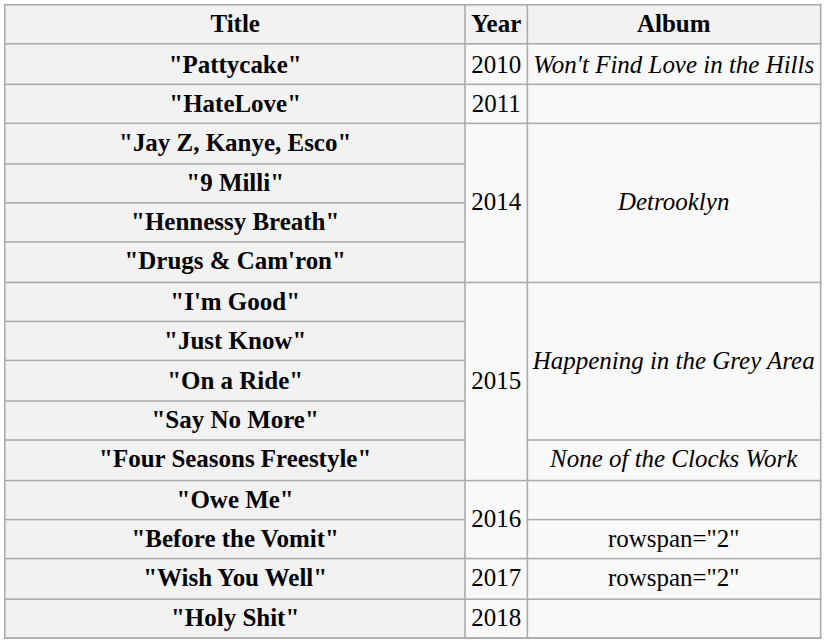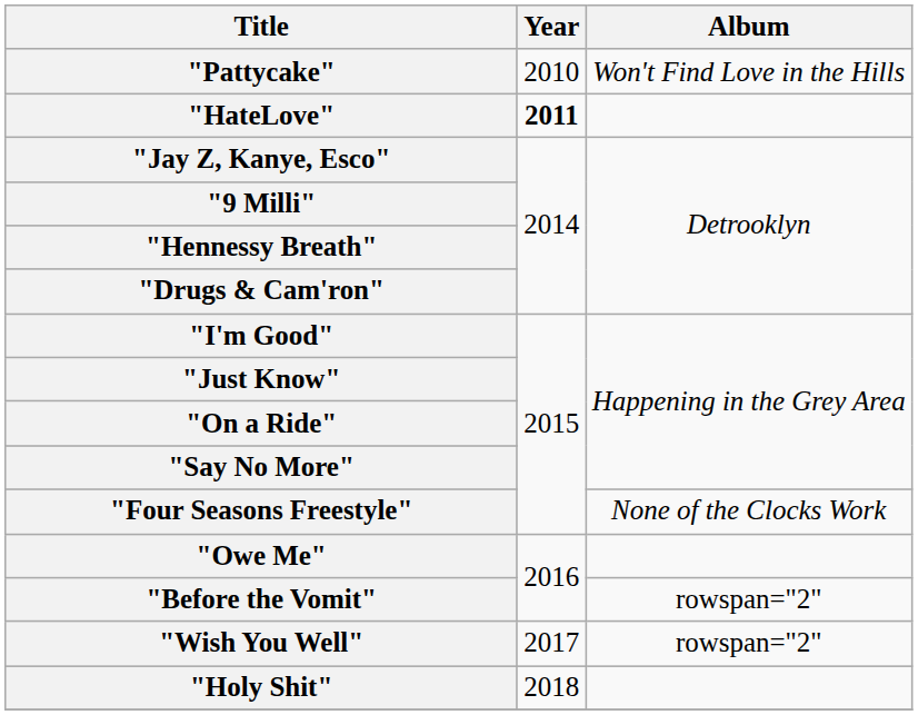 <table class="wikitable plainrowheaders" style="text-align:center;">
 <tr>
 <th scope="col" style="width:18em;">Title</th>
 <th scope="col">Year</th>
 <th scope="col">Album</th>
 </tr>
 <tr>
 <th scope="row">"Pattycake"</th>
 <td>2010</td>
 <td><em>Won't Find Love in the Hills</em></td>
 </tr>
 <tr>
 <th scope="row">"HateLove"</th>
-<td>2011</td>
+<td><strong>2011</strong></td>
 </tr>
 <tr>
 <th scope="row">"Jay Z, Kanye, Esco"</th>
 <td rowspan="4">2014</td>
 <td rowspan="4"><em>Detrooklyn</em></td>
 </tr>
 <tr>
 <th scope="row">"9 Milli"</th>
 </tr>
 <tr>
 <th scope="row">"Hennessy Breath"</th>
 </tr>
 <tr>
 <th scope="row">"Drugs & Cam'ron"</th>
 </tr>
 <tr>
 <th scope="row">"I'm Good"<br></th>
 <td rowspan="5">2015</td>
 <td rowspan="4"><em>Happening in the Grey Area</em></td>
 </tr>
 <tr>
 <th scope="row">"Just Know"</th>
 </tr>
 <tr>
 <th scope="row">"On a Ride"</th>
 </tr>
 <tr>
 <th scope="row">"Say No More"</th>
 </tr>
 <tr>
 <th scope="row">"Four Seasons Freestyle"</th>
 <td><em>None of the Clocks Work</em></td>
 </tr>
 <tr>
 <th scope="row">"Owe Me"<br></th>
 <td rowspan="2">2016</td>
 </tr>
 <tr>
 <th scope="row">"Before the Vomit"</th>
 <td>rowspan="2" </td>
 </tr>
 <tr>
 <th scope="row">"Wish You Well"</th>
 <td>2017</td>
 <td>rowspan="2" </td>
 </tr>
 <tr>
 <th scope="row">"Holy Shit"</th>
 <td>2018</td>
 <td></td>
 </tr>
 <tr>
 </tr>
 </table>
